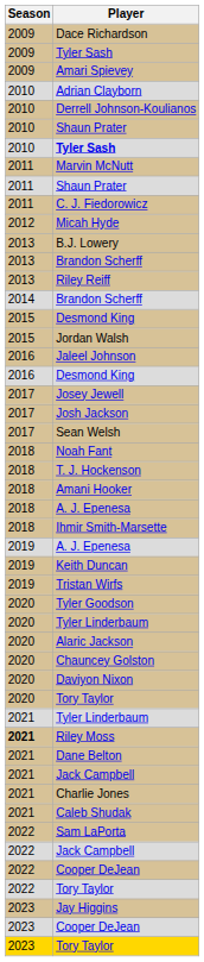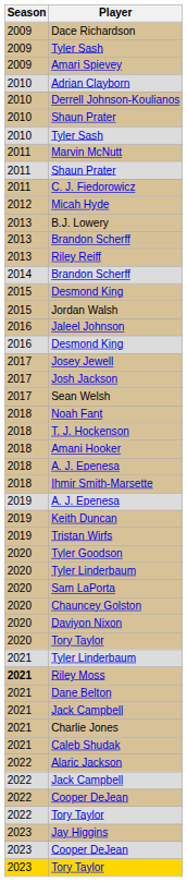 <table class="wikitable" style="float:left; margin-right:1em;">
 <tr>
 <th>Season</th>
 <th>Player</th>
 </tr>
 <tr style="background: #d7c297;">
 <td>2009</td>
 <td>Dace Richardson</td>
 </tr>
 <tr style="background: #d7c297;">
 <td>2009</td>
 <td><a href='#'>Tyler Sash</a></td>
 </tr>
 <tr style="background: #d7c297;">
 <td>2009</td>
 <td><a href='#'>Amari Spievey</a></td>
 </tr>
 <tr style="background: #dcdcdc;">
 <td>2010</td>
 <td><a href='#'>Adrian Clayborn</a></td>
 </tr>
 <tr style="background: #d7c297;">
 <td>2010</td>
 <td><a href='#'>Derrell Johnson-Koulianos</a></td>
 </tr>
 <tr style="background: #d7c297;">
 <td>2010</td>
 <td><a href='#'>Shaun Prater</a></td>
 </tr>
 <tr style="background: #dcdcdc;">
 <td>2010</td>
-<td><strong><a href='#'>Tyler Sash</a></strong></td>
+<td><a href='#'>Tyler Sash</a></td>
 </tr>
 <tr style="background: #d7c297;">
 <td>2011</td>
 <td><a href='#'>Marvin McNutt</a></td>
 </tr>
 <tr style="background: #dcdcdc;">
 <td>2011</td>
 <td><a href='#'>Shaun Prater</a></td>
 </tr>
 <tr style="background: #d7c297;">
 <td>2011</td>
 <td><a href='#'>C. J. Fiedorowicz</a></td>
 </tr>
 <tr style="background: #d7c297;">
 <td>2012</td>
 <td><a href='#'>Micah Hyde</a></td>
 </tr>
 <tr style="background: #d7c297;">
 <td>2013</td>
 <td>B.J. Lowery</td>
 </tr>
 <tr style="background: #d7c297;">
 <td>2013</td>
 <td><a href='#'>Brandon Scherff</a></td>
 </tr>
 <tr style="background: #d7c297;">
 <td>2013</td>
 <td><a href='#'>Riley Reiff</a></td>
 </tr>
 <tr style="background: #dcdcdc;">
 <td>2014</td>
 <td><a href='#'>Brandon Scherff</a></td>
 </tr>
 <tr style="background: #d7c297;">
 <td>2015</td>
 <td><a href='#'>Desmond King</a></td>
 </tr>
 <tr style="background: #d7c297;">
 <td>2015</td>
 <td>Jordan Walsh</td>
 </tr>
 <tr style="background: #d7c297;">
 <td>2016</td>
 <td><a href='#'>Jaleel Johnson</a></td>
 </tr>
 <tr style="background: #dcdcdc;">
 <td>2016</td>
 <td><a href='#'>Desmond King</a></td>
 </tr>
 <tr style="background: #d7c297;">
 <td>2017</td>
 <td><a href='#'>Josey Jewell</a></td>
 </tr>
 <tr style="background: #d7c297;">
 <td>2017</td>
 <td><a href='#'>Josh Jackson</a></td>
 </tr>
 <tr style="background: #d7c297;">
 <td>2017</td>
 <td>Sean Welsh</td>
 </tr>
 <tr style="background: #d7c297;">
 <td>2018</td>
 <td><a href='#'>Noah Fant</a></td>
 </tr>
 <tr style="background: #d7c297;">
 <td>2018</td>
 <td><a href='#'>T. J. Hockenson</a></td>
 </tr>
 <tr style="background: #d7c297;">
 <td>2018</td>
 <td><a href='#'>Amani Hooker</a></td>
 </tr>
 <tr style="background: #d7c297;">
 <td>2018</td>
 <td><a href='#'>A. J. Epenesa</a></td>
 </tr>
 <tr style="background: #d7c297;">
 <td>2018</td>
 <td><a href='#'>Ihmir Smith-Marsette</a></td>
 </tr>
 <tr style="background: #dcdcdc;">
 <td>2019</td>
 <td><a href='#'>A. J. Epenesa</a></td>
 </tr>
 <tr style="background: #d7c297;">
 <td>2019</td>
 <td><a href='#'>Keith Duncan</a></td>
 </tr>
 <tr style="background: #d7c297;">
 <td>2019</td>
 <td><a href='#'>Tristan Wirfs</a></td>
 </tr>
 <tr style="background: #d7c297;">
 <td>2020</td>
 <td><a href='#'>Tyler Goodson</a></td>
 </tr>
 <tr style="background: #d7c297;">
 <td>2020</td>
 <td><a href='#'>Tyler Linderbaum</a></td>
 </tr>
 <tr style="background: #d7c297;">
 <td>2020</td>
-<td><a href='#'>Alaric Jackson</a></td>
+<td><a href='#'>Sam LaPorta</a></td>
 </tr>
 <tr style="background: #d7c297;">
 <td>2020</td>
 <td><a href='#'>Chauncey Golston</a></td>
 </tr>
 <tr style="background: #d7c297;">
 <td>2020</td>
 <td><a href='#'>Daviyon Nixon</a></td>
 </tr>
 <tr style="background: #d7c297;">
 <td>2020</td>
 <td><a href='#'>Tory Taylor</a></td>
 </tr>
 <tr style="background: #dcdcdc;">
 <td>2021</td>
 <td><a href='#'>Tyler Linderbaum</a></td>
 </tr>
 <tr style="background: #d7c297;">
 <td><strong>2021</strong></td>
 <td><a href='#'>Riley Moss</a></td>
 </tr>
 <tr style="background: #d7c297;">
 <td>2021</td>
 <td><a href='#'>Dane Belton</a></td>
 </tr>
 <tr style="background: #d7c297;">
 <td>2021</td>
 <td><a href='#'>Jack Campbell</a></td>
 </tr>
 <tr style="background: #d7c297;">
 <td>2021</td>
 <td>Charlie Jones</td>
 </tr>
 <tr style="background: #d7c297;">
 <td>2021</td>
 <td><a href='#'>Caleb Shudak</a></td>
 </tr>
 <tr style="background: #d7c297;">
 <td>2022</td>
-<td><a href='#'>Sam LaPorta</a></td>
+<td><a href='#'>Alaric Jackson</a></td>
 </tr>
 <tr style="background: #dcdcdc;">
 <td>2022</td>
 <td><a href='#'>Jack Campbell</a></td>
 </tr>
 <tr style="background: #d7c297;">
 <td>2022</td>
 <td><a href='#'>Cooper DeJean</a></td>
 </tr>
 <tr style="background: #dcdcdc;">
 <td>2022</td>
 <td><a href='#'>Tory Taylor</a></td>
 </tr>
 <tr style="background: #d7c297;">
 <td>2023</td>
 <td><a href='#'>Jay Higgins</a></td>
 </tr>
 <tr style="background: #dcdcdc;">
 <td>2023</td>
 <td><a href='#'>Cooper DeJean</a></td>
 </tr>
 <tr style="background: #FFD700;">
 <td>2023</td>
 <td><a href='#'>Tory Taylor</a></td>
 </tr>
 </table>
